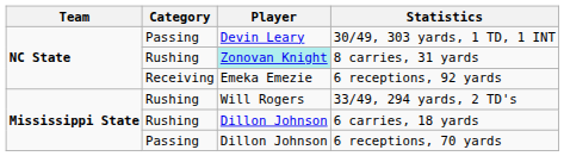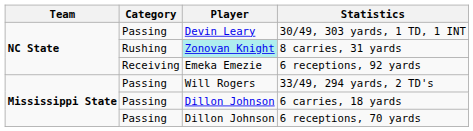 <table class="wikitable" style="float: right;">
 <tr>
 <th>Team</th>
 <th>Category</th>
 <th>Player</th>
 <th>Statistics</th>
 </tr>
 <tr>
 <td rowspan=3><strong>NC State</strong></td>
 <td>Passing</td>
 <td><a href='#'>Devin Leary</a></td>
 <td>30/49, 303 yards, 1 TD, 1 INT</td>
 </tr>
 <tr>
 <td>Rushing</td>
 <td style="background: paleturquoise;"><a href='#'>Zonovan Knight</a></td>
 <td>8 carries, 31 yards</td>
 </tr>
 <tr>
 <td>Receiving</td>
 <td>Emeka Emezie</td>
 <td>6 receptions, 92 yards</td>
 </tr>
 <tr>
 <td rowspan=3><strong>Mississippi State</strong></td>
-<td>Rushing</td>
+<td>Passing</td>
 <td>Will Rogers</td>
 <td>33/49, 294 yards, 2 TD's</td>
 </tr>
 <tr>
-<td>Rushing</td>
+<td>Passing</td>
 <td><a href='#'>Dillon Johnson</a></td>
 <td>6 carries, 18 yards</td>
 </tr>
 <tr>
 <td>Passing</td>
 <td>Dillon Johnson</td>
 <td>6 receptions, 70 yards</td>
 </tr>
 </table>
